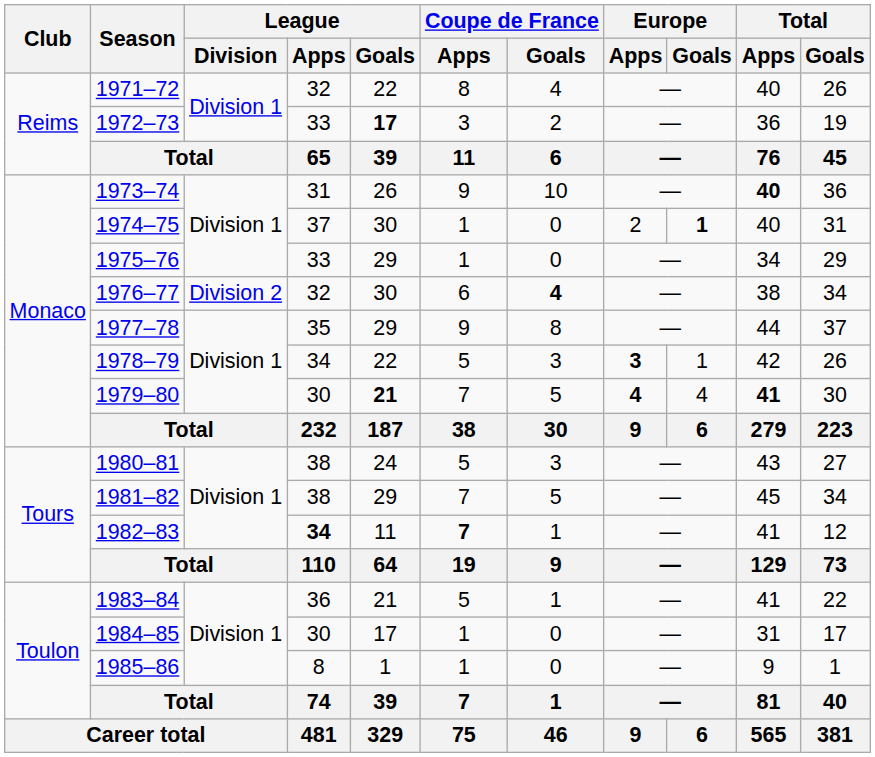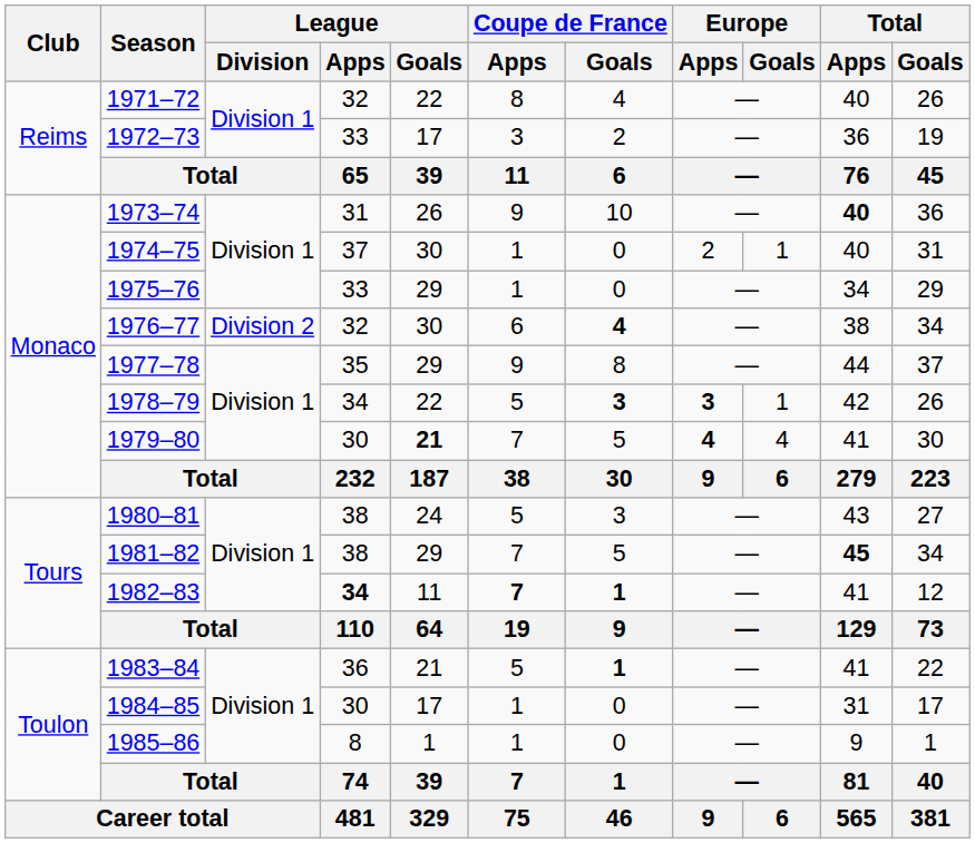 <table class=wikitable style=text-align:center>
 <tr>
 <th rowspan=2>Club</th>
 <th rowspan=2>Season</th>
 <th colspan=3>League</th>
 <th colspan=2><a href='#'>Coupe de France</a></th>
 <th colspan=2>Europe</th>
 <th colspan=2>Total</th>
 </tr>
 <tr>
 <th>Division</th>
 <th>Apps</th>
 <th>Goals</th>
 <th>Apps</th>
 <th>Goals</th>
 <th>Apps</th>
 <th>Goals</th>
 <th>Apps</th>
 <th>Goals</th>
 </tr>
 <tr>
 <td rowspan=3><a href='#'>Reims</a></td>
 <td><a href='#'>1971–72</a></td>
 <td rowspan=2><a href='#'>Division 1</a></td>
 <td>32</td>
 <td>22</td>
 <td>8</td>
 <td>4</td>
 <td colspan="2">—</td>
 <td>40</td>
 <td>26</td>
 </tr>
 <tr>
 <td><a href='#'>1972–73</a></td>
 <td>33</td>
-<td><strong>17</strong></td>
+<td>17</td>
 <td>3</td>
 <td>2</td>
 <td colspan="2">—</td>
 <td>36</td>
 <td>19</td>
 </tr>
 <tr>
 <th colspan=2>Total</th>
 <th>65</th>
 <th>39</th>
 <th>11</th>
 <th>6</th>
 <th colspan="2">—</th>
 <th>76</th>
 <th>45</th>
 </tr>
 <tr>
 <td rowspan=8><a href='#'>Monaco</a></td>
 <td><a href='#'>1973–74</a></td>
 <td rowspan=3>Division 1</td>
 <td>31</td>
 <td>26</td>
 <td>9</td>
 <td>10</td>
 <td colspan="2">—</td>
 <td><strong>40</strong></td>
 <td>36</td>
 </tr>
 <tr>
 <td><a href='#'>1974–75</a></td>
 <td>37</td>
 <td>30</td>
 <td>1</td>
 <td>0</td>
 <td>2</td>
-<td><strong>1</strong></td>
+<td>1</td>
 <td>40</td>
 <td>31</td>
 </tr>
 <tr>
 <td><a href='#'>1975–76</a></td>
 <td>33</td>
 <td>29</td>
 <td>1</td>
 <td>0</td>
 <td colspan="2">—</td>
 <td>34</td>
 <td>29</td>
 </tr>
 <tr>
 <td><a href='#'>1976–77</a></td>
 <td><a href='#'>Division 2</a></td>
 <td>32</td>
 <td>30</td>
 <td>6</td>
 <td><strong>4</strong></td>
 <td colspan="2">—</td>
 <td>38</td>
 <td>34</td>
 </tr>
 <tr>
 <td><a href='#'>1977–78</a></td>
 <td rowspan=3>Division 1</td>
 <td>35</td>
 <td>29</td>
 <td>9</td>
 <td>8</td>
 <td colspan="2">—</td>
 <td>44</td>
 <td>37</td>
 </tr>
 <tr>
 <td><a href='#'>1978–79</a></td>
 <td>34</td>
 <td>22</td>
 <td>5</td>
-<td>3</td>
+<td><strong>3</strong></td>
 <td><strong>3</strong></td>
 <td>1</td>
 <td>42</td>
 <td>26</td>
 </tr>
 <tr>
 <td><a href='#'>1979–80</a></td>
 <td>30</td>
 <td><strong>21</strong></td>
 <td>7</td>
 <td>5</td>
 <td><strong>4</strong></td>
 <td>4</td>
-<td><strong>41</strong></td>
+<td>41</td>
 <td>30</td>
 </tr>
 <tr>
 <th colspan=2>Total</th>
 <th>232</th>
 <th>187</th>
 <th>38</th>
 <th>30</th>
 <th>9</th>
 <th>6</th>
 <th>279</th>
 <th>223</th>
 </tr>
 <tr>
 <td rowspan=4><a href='#'>Tours</a></td>
 <td><a href='#'>1980–81</a></td>
 <td rowspan=3>Division 1</td>
 <td>38</td>
 <td>24</td>
 <td>5</td>
 <td>3</td>
 <td colspan="2">—</td>
 <td>43</td>
 <td>27</td>
 </tr>
 <tr>
 <td><a href='#'>1981–82</a></td>
 <td>38</td>
 <td>29</td>
 <td>7</td>
 <td>5</td>
 <td colspan="2">—</td>
-<td>45</td>
+<td><strong>45</strong></td>
 <td>34</td>
 </tr>
 <tr>
 <td><a href='#'>1982–83</a></td>
 <td><strong>34</strong></td>
 <td>11</td>
 <td><strong>7</strong></td>
-<td>1</td>
+<td><strong>1</strong></td>
 <td colspan="2">—</td>
 <td>41</td>
 <td>12</td>
 </tr>
 <tr>
 <th colspan=2>Total</th>
 <th>110</th>
 <th>64</th>
 <th>19</th>
 <th>9</th>
 <th colspan="2">—</th>
 <th>129</th>
 <th>73</th>
 </tr>
 <tr>
 <td rowspan=4><a href='#'>Toulon</a></td>
 <td><a href='#'>1983–84</a></td>
 <td rowspan=3>Division 1</td>
 <td>36</td>
 <td>21</td>
 <td>5</td>
-<td>1</td>
+<td><strong>1</strong></td>
 <td colspan="2">—</td>
 <td>41</td>
 <td>22</td>
 </tr>
 <tr>
 <td><a href='#'>1984–85</a></td>
 <td>30</td>
 <td>17</td>
 <td>1</td>
 <td>0</td>
 <td colspan="2">—</td>
 <td>31</td>
 <td>17</td>
 </tr>
 <tr>
 <td><a href='#'>1985–86</a></td>
 <td>8</td>
 <td>1</td>
 <td>1</td>
 <td>0</td>
 <td colspan="2">—</td>
 <td>9</td>
 <td>1</td>
 </tr>
 <tr>
 <th colspan=2>Total</th>
 <th>74</th>
 <th>39</th>
 <th>7</th>
 <th>1</th>
 <th colspan="2">—</th>
 <th>81</th>
 <th>40</th>
 </tr>
 <tr>
 <th colspan=3>Career total</th>
 <th>481</th>
 <th>329</th>
 <th>75</th>
 <th>46</th>
 <th>9</th>
 <th>6</th>
 <th>565</th>
 <th>381</th>
 </tr>
 </table>
